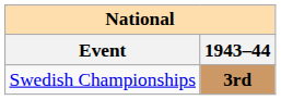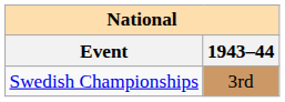 <table class="wikitable" style="text-align:center">
 <tr>
 <th style="background-color: #ffdead; " colspan=2 align=center>National</th>
 </tr>
 <tr>
 <th>Event</th>
 <th>1943–44</th>
 </tr>
 <tr>
 <td align=left><a href='#'>Swedish Championships</a></td>
-<td bgcolor=cc9966><strong>3rd</strong></td>
+<td bgcolor=cc9966>3rd</td>
 </tr>
 </table>
